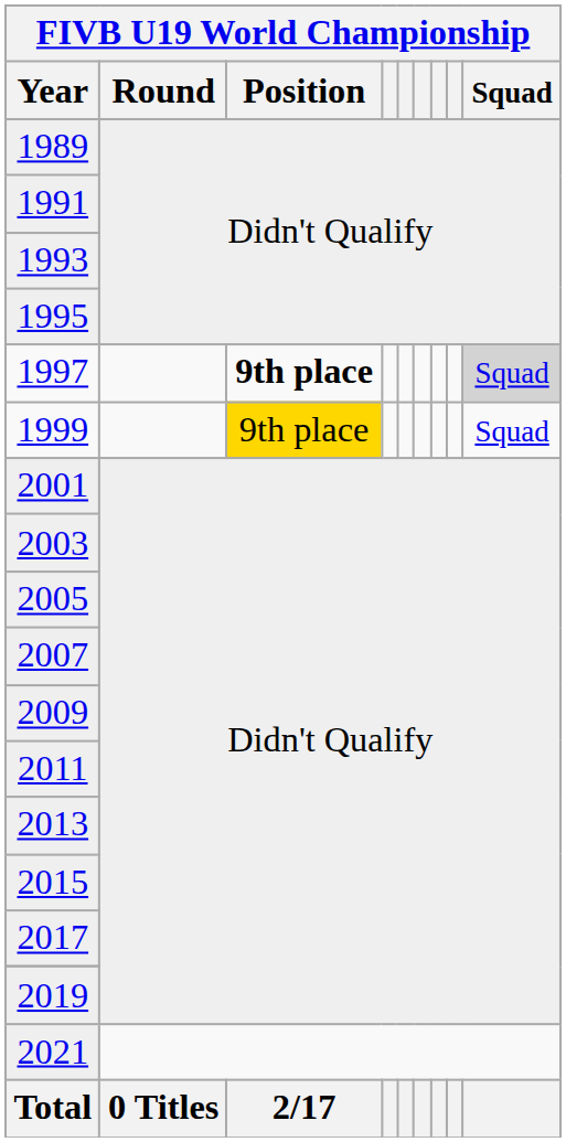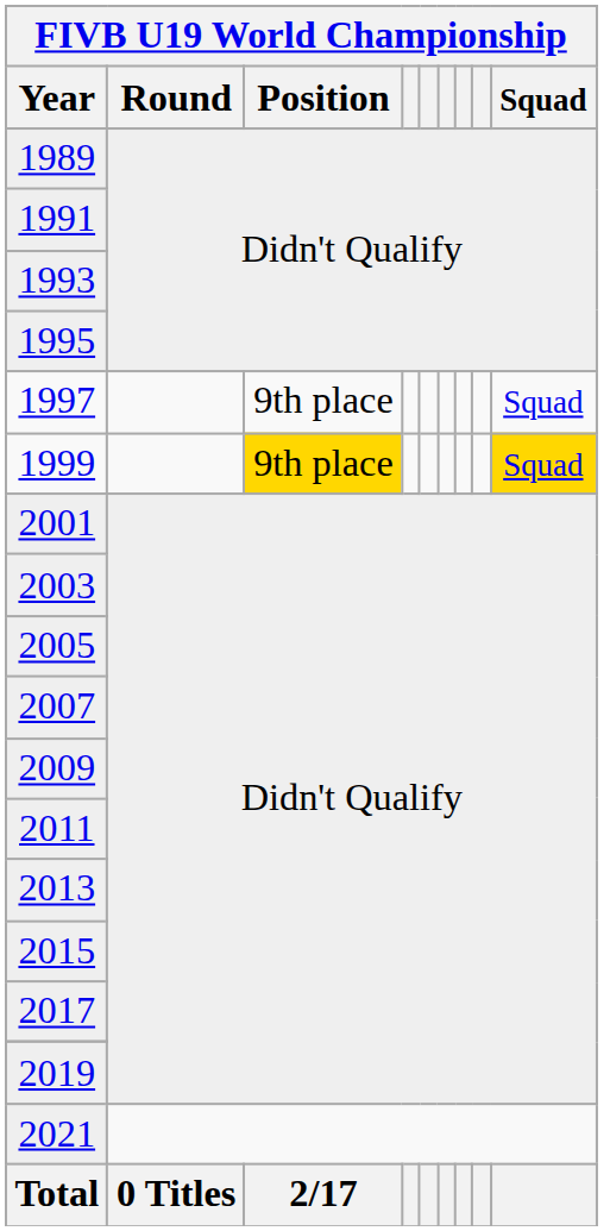 <table class="wikitable" style="text-align: center;">
 <tr>
 <th colspan=9><a href='#'>FIVB U19 World Championship</a></th>
 </tr>
 <tr>
 <th>Year</th>
 <th>Round</th>
 <th>Position</th>
 <th></th>
 <th></th>
 <th></th>
 <th></th>
 <th></th>
 <th><small>Squad</small></th>
 </tr>
 <tr bgcolor="efefef">
 <td> <a href='#'>1989</a></td>
 <td colspan=9 rowspan=4>Didn't Qualify</td>
 </tr>
 <tr bgcolor="efefef">
 <td> <a href='#'>1991</a></td>
 </tr>
 <tr bgcolor="efefef">
 <td> <a href='#'>1993</a></td>
 </tr>
 <tr bgcolor="efefef">
 <td> <a href='#'>1995</a></td>
 </tr>
 <tr>
 <td> <a href='#'>1997</a></td>
 <td></td>
-<td><strong>9th place</strong></td>
+<td>9th place</td>
 <td></td>
 <td></td>
 <td></td>
 <td></td>
 <td></td>
-<td style="background: lightgrey;"><small><a href='#'>Squad</a></small></td>
+<td><small><a href='#'>Squad</a></small></td>
 </tr>
 <tr>
 <td> <a href='#'>1999</a></td>
 <td></td>
 <td style="background: gold;">9th place</td>
 <td></td>
 <td></td>
 <td></td>
 <td></td>
 <td></td>
-<td><small><a href='#'>Squad</a></small></td>
+<td style="background: gold;"><small><a href='#'>Squad</a></small></td>
 </tr>
 <tr bgcolor="efefef">
 <td> <a href='#'>2001</a></td>
 <td colspan=9 rowspan=11>Didn't Qualify</td>
 </tr>
 <tr bgcolor="efefef">
 <td> <a href='#'>2003</a></td>
 </tr>
 <tr bgcolor="efefef">
 <td> <a href='#'>2005</a></td>
 </tr>
 <tr bgcolor="efefef">
 <td> <a href='#'>2007</a></td>
 </tr>
 <tr bgcolor="efefef">
 <td> <a href='#'>2009</a></td>
 </tr>
 <tr bgcolor="efefef">
 <td> <a href='#'>2011</a></td>
 </tr>
 <tr bgcolor="efefef">
 <td> <a href='#'>2013</a></td>
 </tr>
 <tr bgcolor="efefef">
 <td> <a href='#'>2015</a></td>
 </tr>
 <tr bgcolor="efefef">
 <td> <a href='#'>2017</a></td>
 </tr>
 <tr>
 </tr>
 <tr bgcolor="efefef">
 <td> <a href='#'>2019</a></td>
 </tr>
 <tr bgcolor="efefef">
 <td> <a href='#'>2021</a></td>
 </tr>
 <tr>
 <th>Total</th>
 <th>0 Titles</th>
 <th>2/17</th>
 <th></th>
 <th></th>
 <th></th>
 <th></th>
 <th></th>
 <th></th>
 </tr>
 </table>
